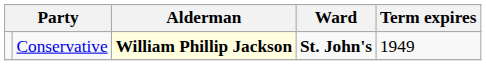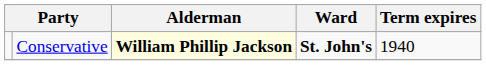 <table class="wikitable">
 <tr>
 <th colspan="2">Party</th>
 <th>Alderman</th>
 <th>Ward</th>
 <th>Term expires</th>
 </tr>
 <tr>
 <td style="background-color:"></td>
 <td><a href='#'>Conservative</a></td>
 <td style="background: lightyellow;"><strong>William Phillip Jackson</strong></td>
 <td><strong>St. John's</strong></td>
-<td>1949</td>
+<td>1940</td>
 </tr>
 <tr>
 </tr>
 </table>
